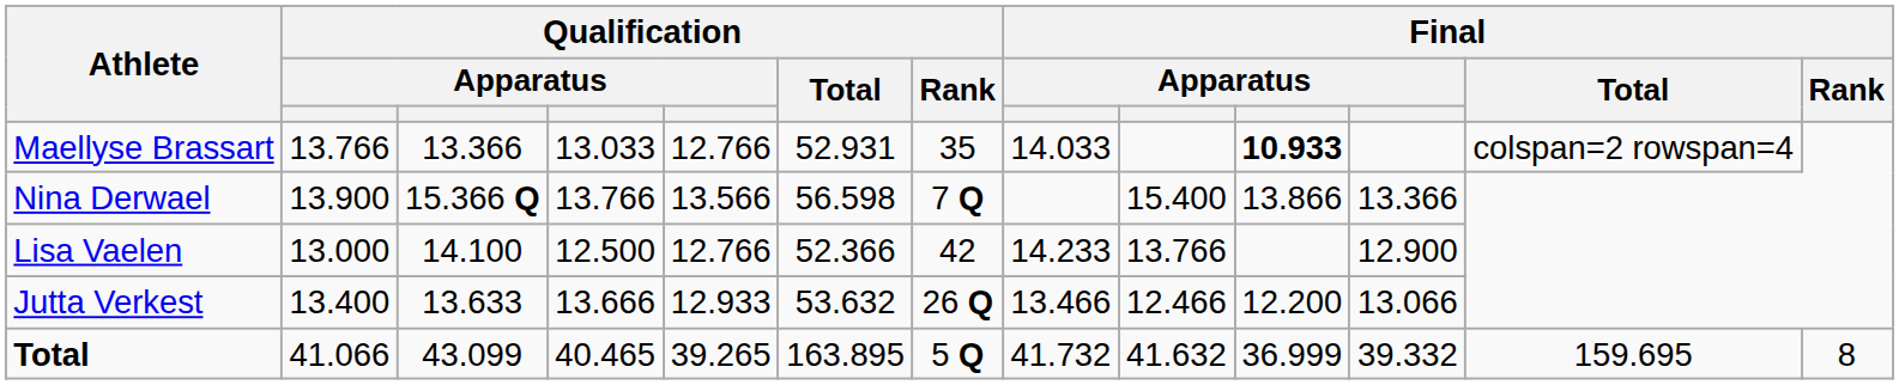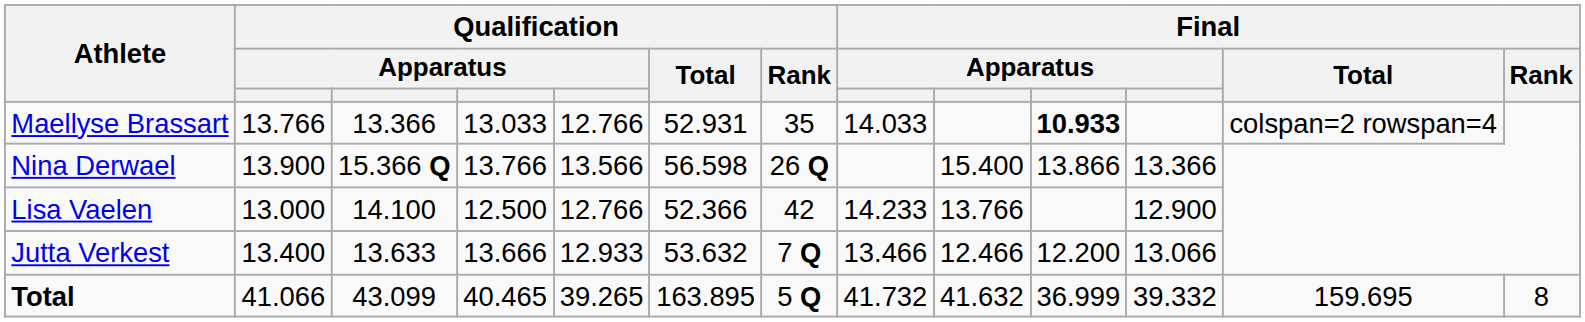 <table class="wikitable" style="font-size:90%">
 <tr>
 <th rowspan=3>Athlete</th>
 <th colspan=6>Qualification</th>
 <th colspan=6>Final</th>
 </tr>
 <tr style="font-size:95%">
 <th colspan=4>Apparatus</th>
 <th rowspan=2>Total</th>
 <th rowspan=2>Rank</th>
 <th colspan=4>Apparatus</th>
 <th rowspan=2>Total</th>
 <th rowspan=2>Rank</th>
 </tr>
 <tr style="font-size:95%">
 <th></th>
 <th></th>
 <th></th>
 <th></th>
 <th></th>
 <th></th>
 <th></th>
 <th></th>
 </tr>
 <tr align=center>
 <td align=left><a href='#'>Maellyse Brassart</a></td>
 <td>13.766</td>
 <td>13.366</td>
 <td>13.033</td>
 <td>12.766</td>
 <td>52.931</td>
 <td>35</td>
 <td>14.033</td>
 <td></td>
 <td><strong>10.933</strong></td>
 <td></td>
 <td>colspan=2 rowspan=4 </td>
 </tr>
 <tr align=center>
 <td align=left><a href='#'>Nina Derwael</a></td>
 <td>13.900</td>
 <td>15.366 <strong>Q</strong></td>
 <td>13.766</td>
 <td>13.566</td>
 <td>56.598</td>
-<td>7 <strong>Q</strong></td>
+<td>26 <strong>Q</strong></td>
 <td></td>
 <td>15.400</td>
 <td>13.866</td>
 <td>13.366</td>
 </tr>
 <tr align=center>
 <td align=left><a href='#'>Lisa Vaelen</a></td>
 <td>13.000</td>
 <td>14.100</td>
 <td>12.500</td>
 <td>12.766</td>
 <td>52.366</td>
 <td>42</td>
 <td>14.233</td>
 <td>13.766</td>
 <td></td>
 <td>12.900</td>
 </tr>
 <tr align=center>
 <td align=left><a href='#'>Jutta Verkest</a></td>
 <td>13.400</td>
 <td>13.633</td>
 <td>13.666</td>
 <td>12.933</td>
 <td>53.632</td>
-<td>26 <strong>Q</strong></td>
+<td>7 <strong>Q</strong></td>
 <td>13.466</td>
 <td>12.466</td>
 <td>12.200</td>
 <td>13.066</td>
 </tr>
 <tr align=center>
 <td align=left><strong>Total</strong></td>
 <td>41.066</td>
 <td>43.099</td>
 <td>40.465</td>
 <td>39.265</td>
 <td>163.895</td>
 <td>5 <strong>Q</strong></td>
 <td>41.732</td>
 <td>41.632</td>
 <td>36.999</td>
 <td>39.332</td>
 <td>159.695</td>
 <td>8</td>
 </tr>
 </table>
